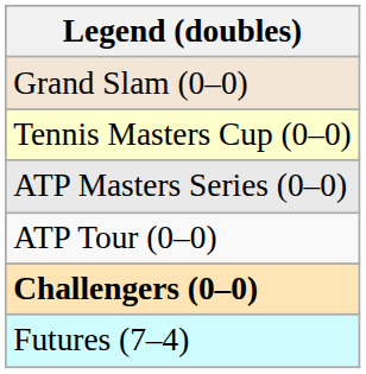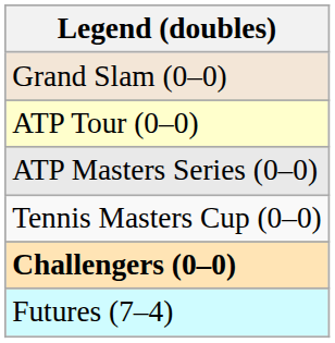 <table class="wikitable">
 <tr>
 <th>Legend (doubles)</th>
 </tr>
 <tr style="background:#f3e6d7;">
 <td>Grand Slam (0–0)</td>
 </tr>
 <tr style="background:#ffc;">
-<td>Tennis Masters Cup (0–0)</td>
+<td>ATP Tour (0–0)</td>
 </tr>
 <tr style="background:#e9e9e9;">
 <td>ATP Masters Series (0–0)</td>
 </tr>
 <tr>
-<td>ATP Tour (0–0)</td>
+<td>Tennis Masters Cup (0–0)</td>
 </tr>
 <tr style="background:moccasin;">
 <td><strong>Challengers (0–0)</strong></td>
 </tr>
 <tr style="background:#cffcff;">
 <td>Futures (7–4)</td>
 </tr>
 </table>
